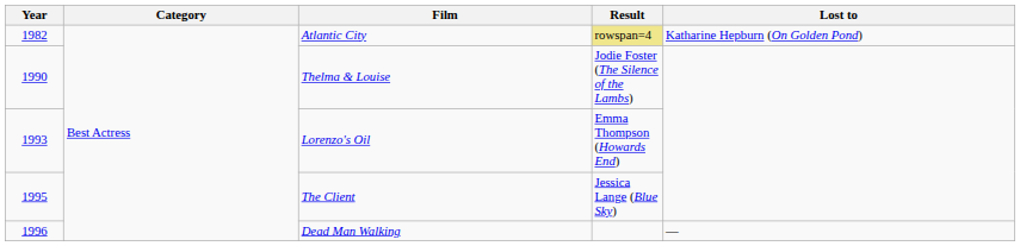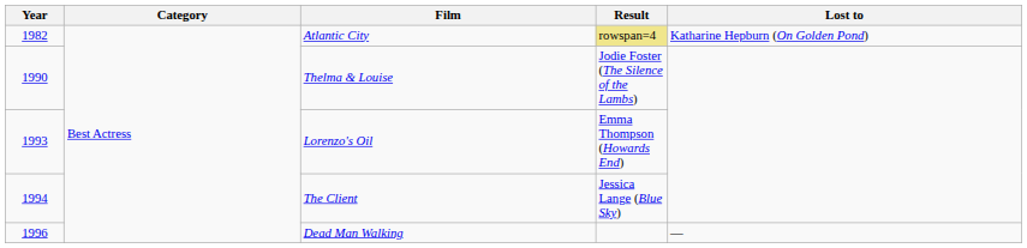 <table class="wikitable" width="100%" cellpadding="5">
 <tr>
 <th width="5%">Year</th>
 <th width="20%">Category</th>
 <th width="25%">Film</th>
 <th width="5%">Result</th>
 <th width="30%">Lost to</th>
 </tr>
 <tr>
 <td style="text-align:center;"><a href='#'>1982</a></td>
 <td rowspan=5><a href='#'>Best Actress</a></td>
 <td><em><a href='#'>Atlantic City</a></em></td>
 <td style="background: khaki;">rowspan=4 </td>
 <td><a href='#'>Katharine Hepburn</a> (<em><a href='#'>On Golden Pond</a></em>)</td>
 </tr>
 <tr>
 <td style="text-align:center;"><a href='#'>1990</a></td>
 <td><em><a href='#'>Thelma & Louise</a></em></td>
 <td><a href='#'>Jodie Foster</a> (<em><a href='#'>The Silence of the Lambs</a></em>)</td>
 </tr>
 <tr>
 <td style="text-align:center;"><a href='#'>1993</a></td>
 <td><em><a href='#'>Lorenzo's Oil</a></em></td>
 <td><a href='#'>Emma Thompson</a> (<em><a href='#'>Howards End</a></em>)</td>
 </tr>
 <tr>
-<td style="text-align:center;"><a href='#'>1995</a></td>
+<td style="text-align:center;"><a href='#'>1994</a></td>
 <td><em><a href='#'>The Client</a></em></td>
 <td><a href='#'>Jessica Lange</a> (<em><a href='#'>Blue Sky</a></em>)</td>
 </tr>
 <tr>
 <td style="text-align:center;"><a href='#'>1996</a></td>
 <td><em><a href='#'>Dead Man Walking</a></em></td>
 <td></td>
 <td>—</td>
 </tr>
 </table>
